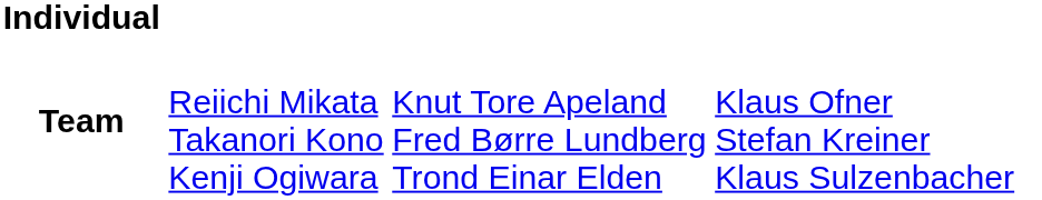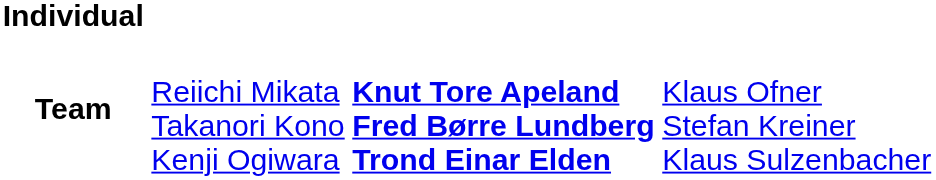 <table>
 <tr>
 <th scope=row>Individual <br></th>
 <td></td>
 <td></td>
 <td></td>
 </tr>
 <tr>
 <th scope=row>Team <br></th>
 <td><br><a href='#'>Reiichi Mikata</a><br><a href='#'>Takanori Kono</a><br><a href='#'>Kenji Ogiwara</a></td>
-<td><br><a href='#'>Knut Tore Apeland</a><br><a href='#'>Fred Børre Lundberg</a><br><a href='#'>Trond Einar Elden</a></td>
+<td><strong><br><a href='#'>Knut Tore Apeland</a><br><a href='#'>Fred Børre Lundberg</a><br><a href='#'>Trond Einar Elden</a></strong></td>
 <td><br><a href='#'>Klaus Ofner</a><br><a href='#'>Stefan Kreiner</a><br><a href='#'>Klaus Sulzenbacher</a></td>
 </tr>
 </table>
